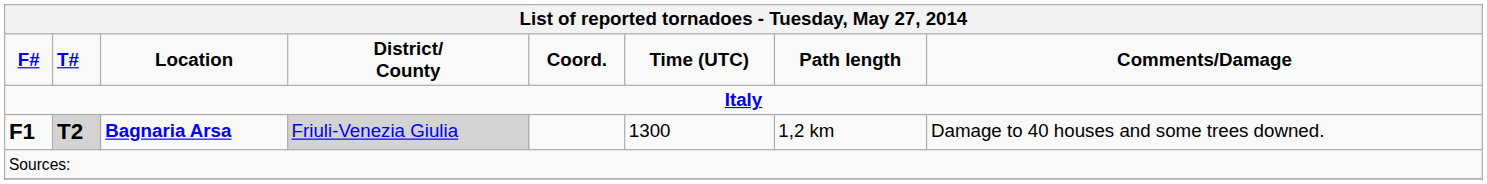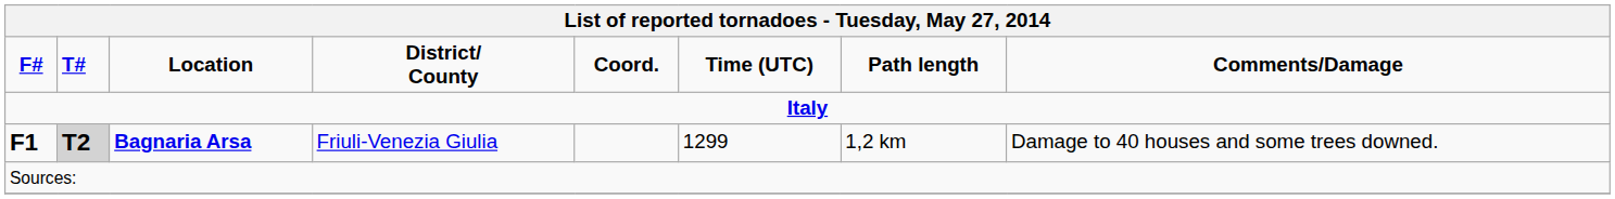 <table class="wikitable collapsible" width="100%">
 <tr>
 <th colspan="8">List of reported tornadoes - Tuesday, May 27, 2014</th>
 </tr>
 <tr>
 <td style="text-align: center;"><strong><a href='#'>F#</a></strong></td>
 <td><strong><a href='#'>T#</a></strong></td>
 <td style="text-align: center;"><strong>Location</strong></td>
 <td style="text-align: center;"><strong>District/<br>County</strong></td>
 <td style="text-align: center;"><strong>Coord.</strong></td>
 <td style="text-align: center;"><strong>Time (UTC)</strong></td>
 <td style="text-align: center;"><strong>Path length</strong></td>
 <td style="text-align: center;"><strong>Comments/Damage</strong></td>
 </tr>
 <tr>
 <td colspan="8" align=center><strong><a href='#'>Italy</a></strong></td>
 </tr>
 <tr>
 <td><big><strong>F1</strong></big></td>
 <td style="background: lightgrey;"><big><strong>T2</strong></big></td>
 <td><strong><a href='#'>Bagnaria Arsa</a></strong></td>
-<td style="background: lightgrey;"><a href='#'>Friuli-Venezia Giulia</a></td>
+<td><a href='#'>Friuli-Venezia Giulia</a></td>
 <td></td>
-<td>1300</td>
+<td>1299</td>
 <td>1,2 km</td>
 <td>Damage to 40 houses and some trees downed.</td>
 </tr>
 <tr>
 <td colspan="8"><small>Sources:</small></td>
 </tr>
 <tr>
 </tr>
 </table>
